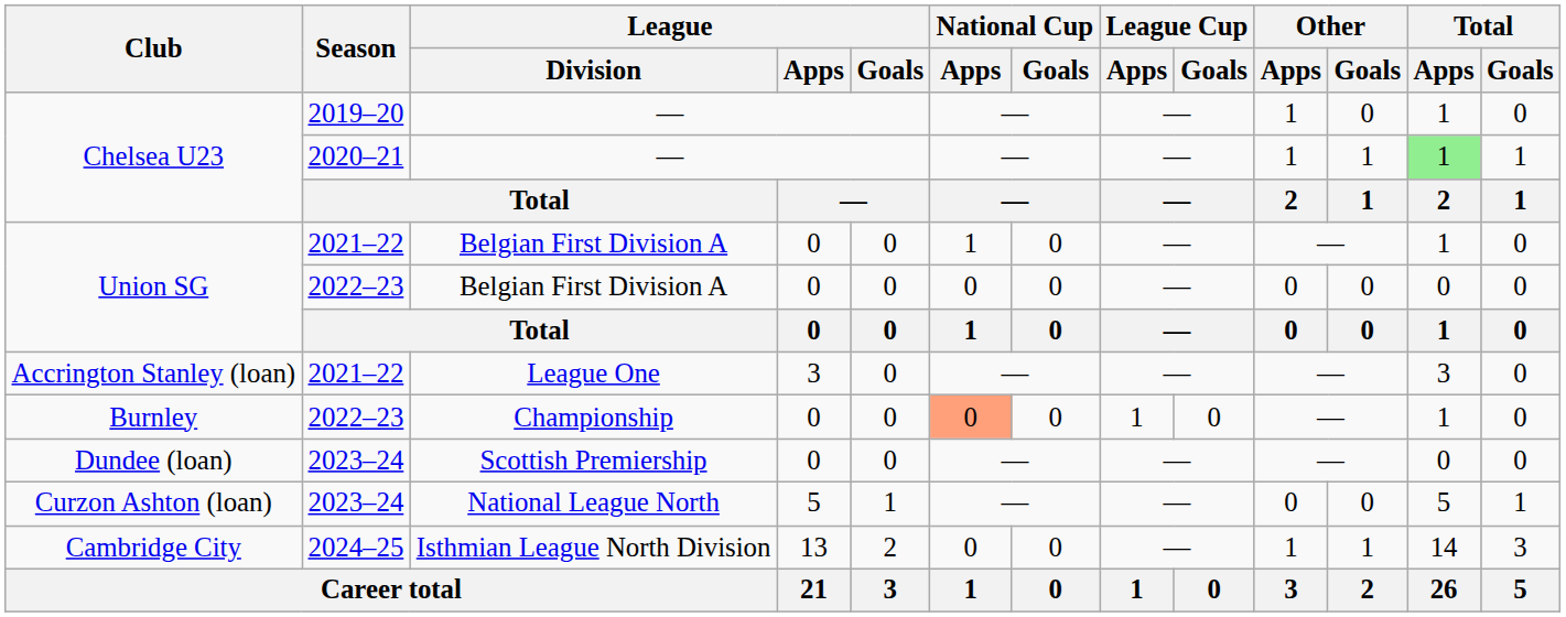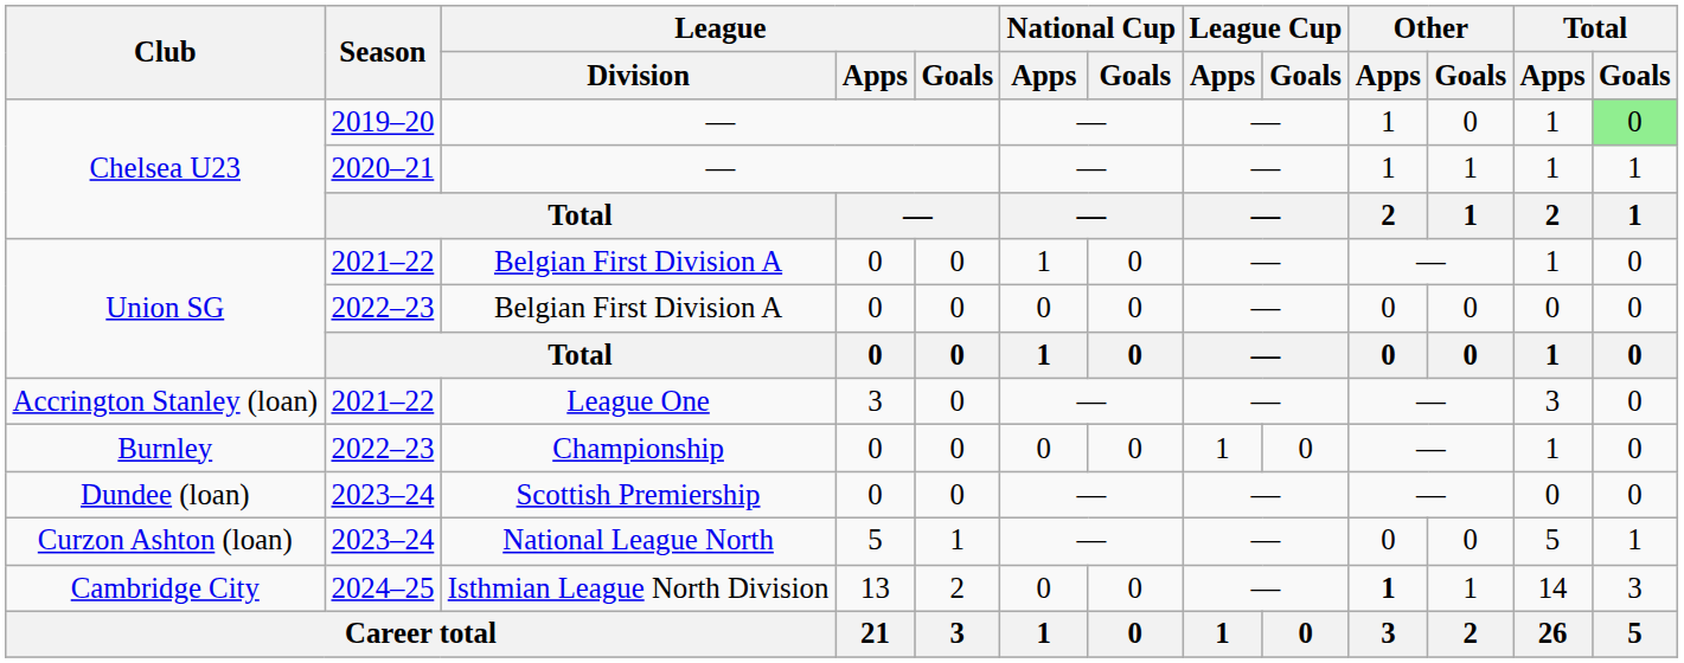 <table class="wikitable" style="text-align:center">
 <tr>
 <th rowspan="2">Club</th>
 <th rowspan="2">Season</th>
 <th colspan="3">League</th>
 <th colspan="2">National Cup</th>
 <th colspan="2">League Cup</th>
 <th colspan="2">Other</th>
 <th colspan="2">Total</th>
 </tr>
 <tr>
 <th>Division</th>
 <th>Apps</th>
 <th>Goals</th>
 <th>Apps</th>
 <th>Goals</th>
 <th>Apps</th>
 <th>Goals</th>
 <th>Apps</th>
 <th>Goals</th>
 <th>Apps</th>
 <th>Goals</th>
 </tr>
 <tr>
 <td rowspan="3"><a href='#'>Chelsea U23</a></td>
 <td><a href='#'>2019–20</a></td>
 <td colspan=3>—</td>
 <td colspan=2>—</td>
 <td colspan=2>—</td>
 <td>1</td>
 <td>0</td>
 <td>1</td>
-<td>0</td>
+<td style="background: lightgreen;">0</td>
 </tr>
 <tr>
 <td><a href='#'>2020–21</a></td>
 <td colspan=3>—</td>
 <td colspan=2>—</td>
 <td colspan=2>—</td>
 <td>1</td>
 <td>1</td>
-<td style="background: lightgreen;">1</td>
+<td>1</td>
 <td>1</td>
 </tr>
 <tr>
 <th colspan=2>Total</th>
 <th colspan=2>—</th>
 <th colspan=2>—</th>
 <th colspan=2>—</th>
 <th>2</th>
 <th>1</th>
 <th>2</th>
 <th>1</th>
 </tr>
 <tr>
 <td rowspan="3"><a href='#'>Union SG</a></td>
 <td><a href='#'>2021–22</a></td>
 <td><a href='#'>Belgian First Division A</a></td>
 <td>0</td>
 <td>0</td>
 <td>1</td>
 <td>0</td>
 <td colspan="2">—</td>
 <td colspan="2">—</td>
 <td>1</td>
 <td>0</td>
 </tr>
 <tr>
 <td><a href='#'>2022–23</a></td>
 <td>Belgian First Division A</td>
 <td>0</td>
 <td>0</td>
 <td>0</td>
 <td>0</td>
 <td colspan="2">—</td>
 <td>0</td>
 <td>0</td>
 <td>0</td>
 <td>0</td>
 </tr>
 <tr>
 <th colspan=2>Total</th>
 <th>0</th>
 <th>0</th>
 <th>1</th>
 <th>0</th>
 <th colspan="2">—</th>
 <th>0</th>
 <th>0</th>
 <th>1</th>
 <th>0</th>
 </tr>
 <tr>
 <td><a href='#'>Accrington Stanley</a> (loan)</td>
 <td><a href='#'>2021–22</a></td>
 <td><a href='#'>League One</a></td>
 <td>3</td>
 <td>0</td>
 <td colspan="2">—</td>
 <td colspan="2">—</td>
 <td colspan="2">—</td>
 <td>3</td>
 <td>0</td>
 </tr>
 <tr>
 <td><a href='#'>Burnley</a></td>
 <td><a href='#'>2022–23</a></td>
 <td><a href='#'>Championship</a></td>
 <td>0</td>
 <td>0</td>
-<td style="background: lightsalmon;">0</td>
+<td>0</td>
 <td>0</td>
 <td>1</td>
 <td>0</td>
 <td colspan="2">—</td>
 <td>1</td>
 <td>0</td>
 </tr>
 <tr>
 <td><a href='#'>Dundee</a> (loan)</td>
 <td><a href='#'>2023–24</a></td>
 <td><a href='#'>Scottish Premiership</a></td>
 <td>0</td>
 <td>0</td>
 <td colspan="2">—</td>
 <td colspan="2">—</td>
 <td colspan="2">—</td>
 <td>0</td>
 <td>0</td>
 </tr>
 <tr>
 <td><a href='#'>Curzon Ashton</a> (loan)</td>
 <td><a href='#'>2023–24</a></td>
 <td><a href='#'>National League North</a></td>
 <td>5</td>
 <td>1</td>
 <td colspan="2">—</td>
 <td colspan="2">—</td>
 <td>0</td>
 <td>0</td>
 <td>5</td>
 <td>1</td>
 </tr>
 <tr>
 <td><a href='#'>Cambridge City</a></td>
 <td><a href='#'>2024–25</a></td>
 <td><a href='#'>Isthmian League</a> North Division</td>
 <td>13</td>
 <td>2</td>
 <td>0</td>
 <td>0</td>
 <td colspan="2">—</td>
-<td>1</td>
+<td><strong>1</strong></td>
 <td>1</td>
 <td>14</td>
 <td>3</td>
 </tr>
 <tr>
 <th colspan=3>Career total</th>
 <th>21</th>
 <th>3</th>
 <th>1</th>
 <th>0</th>
 <th>1</th>
 <th>0</th>
 <th>3</th>
 <th>2</th>
 <th>26</th>
 <th>5</th>
 </tr>
 </table>
